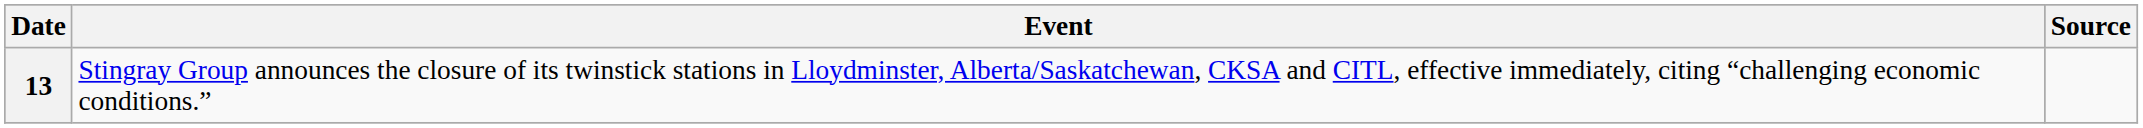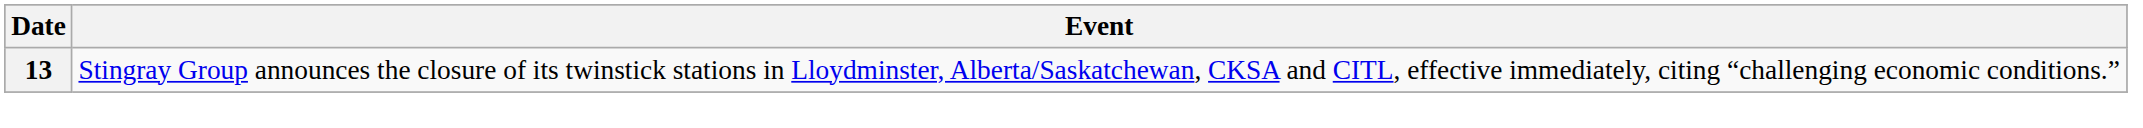 <table class="wikitable">
 <tr>
 <th>Date</th>
 <th>Event</th>
-<th>Source</th>
 </tr>
 <tr>
 <th>13</th>
 <td><a href='#'>Stingray Group</a> announces the closure of its twinstick stations in <a href='#'>Lloydminster, Alberta/Saskatchewan</a>, <a href='#'>CKSA</a> and <a href='#'>CITL</a>, effective immediately, citing “challenging economic conditions.”</td>
-<td></td>
 </tr>
 </table>
